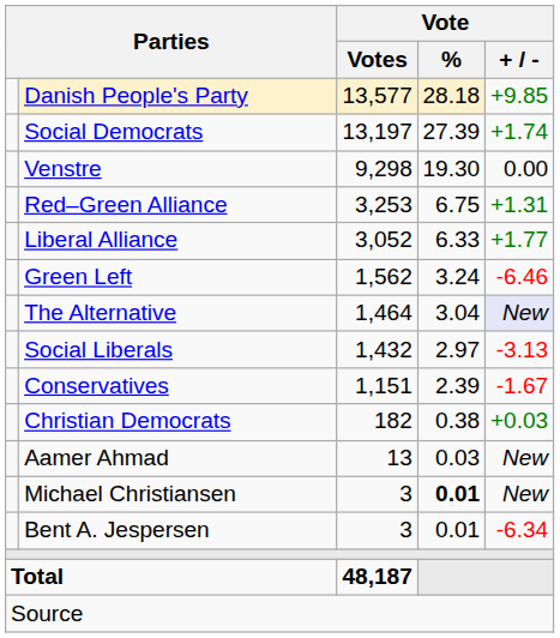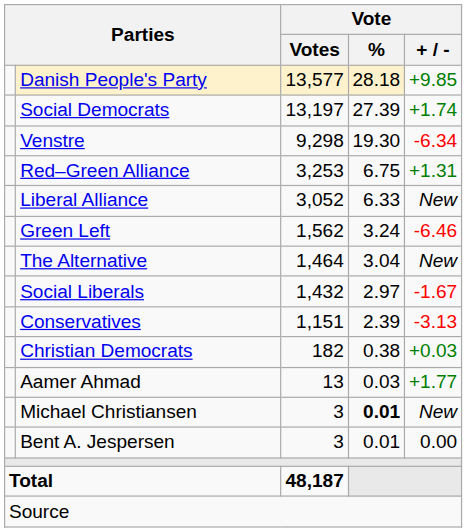 <table class="wikitable" style="text-align:right;">
 <tr>
 <th style="text-align:centre;" rowspan="2" colspan="2" width="225">Parties</th>
 <th colspan="3">Vote</th>
 </tr>
 <tr>
 <th width="15">Votes</th>
 <th width="15">%</th>
 <th width="15">+ / -</th>
 </tr>
 <tr>
 <td width="2" style="color:inherit;background:"></td>
 <td bgcolor=#fef2cc  align="left"><a href='#'>Danish People's Party</a></td>
 <td bgcolor=#fef2cc>13,577</td>
 <td bgcolor=#fef2cc>28.18</td>
 <td style=color:green;>+9.85</td>
 </tr>
 <tr>
 <td width="2" style="color:inherit;background:"></td>
 <td align="left"><a href='#'>Social Democrats</a></td>
 <td>13,197</td>
 <td>27.39</td>
 <td style=color:green;>+1.74</td>
 </tr>
 <tr>
 <td width="2" style="color:inherit;background:"></td>
 <td align="left"><a href='#'>Venstre</a></td>
 <td>9,298</td>
 <td>19.30</td>
-<td>0.00</td>
+<td style=color:red;>-6.34</td>
 </tr>
 <tr>
 <td width="2" style="color:inherit;background:"></td>
 <td align="left"><a href='#'>Red–Green Alliance</a></td>
 <td>3,253</td>
 <td>6.75</td>
 <td style=color:green;>+1.31</td>
 </tr>
 <tr>
 <td width="2" style="color:inherit;background:"></td>
 <td align="left"><a href='#'>Liberal Alliance</a></td>
 <td>3,052</td>
 <td>6.33</td>
-<td style=color:green;>+1.77</td>
+<td><em>New</em></td>
 </tr>
 <tr>
 <td width="2" style="color:inherit;background:"></td>
 <td align="left"><a href='#'>Green Left</a></td>
 <td>1,562</td>
 <td>3.24</td>
 <td style=color:red;>-6.46</td>
 </tr>
 <tr>
 <td width="2" style="color:inherit;background:"></td>
 <td align="left"><a href='#'>The Alternative</a></td>
 <td>1,464</td>
 <td>3.04</td>
-<td style="background: lavender;"><em>New</em></td>
+<td><em>New</em></td>
 </tr>
 <tr>
 <td width="2" style="color:inherit;background:"></td>
 <td align="left"><a href='#'>Social Liberals</a></td>
 <td>1,432</td>
 <td>2.97</td>
-<td style=color:red;>-3.13</td>
+<td style=color:red;>-1.67</td>
 </tr>
 <tr>
 <td width="2" style="color:inherit;background:"></td>
 <td align="left"><a href='#'>Conservatives</a></td>
 <td>1,151</td>
 <td>2.39</td>
-<td style=color:red;>-1.67</td>
+<td style=color:red;>-3.13</td>
 </tr>
 <tr>
 <td width="2" style="color:inherit;background:"></td>
 <td align="left"><a href='#'>Christian Democrats</a></td>
 <td>182</td>
 <td>0.38</td>
 <td style=color:green;>+0.03</td>
 </tr>
 <tr>
 <td width="2" style="color:inherit;background:"></td>
 <td align="left">Aamer Ahmad</td>
 <td>13</td>
 <td>0.03</td>
-<td><em>New</em></td>
+<td style=color:green;>+1.77</td>
 </tr>
 <tr>
 <td width="2" style="color:inherit;background:"></td>
 <td align="left">Michael Christiansen</td>
 <td>3</td>
 <td><strong>0.01</strong></td>
 <td><em>New</em></td>
 </tr>
 <tr>
 <td width="2" style="color:inherit;background:"></td>
 <td align="left">Bent A. Jespersen</td>
 <td>3</td>
 <td>0.01</td>
-<td style=color:red;>-6.34</td>
+<td>0.00</td>
 </tr>
 <tr>
 <td colspan="7" bgcolor="#E9E9E9"></td>
 </tr>
 <tr>
 <td align="left" colspan="2"><strong>Total</strong></td>
 <td><strong>48,187</strong></td>
 <td bgcolor="#E9E9E9" colspan="2"></td>
 </tr>
 <tr>
 <td align="left" colspan="6">Source</td>
 </tr>
 </table>
